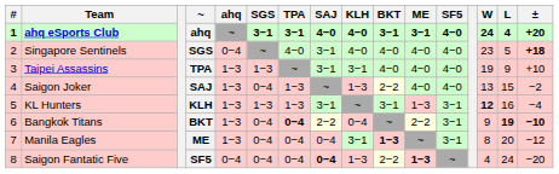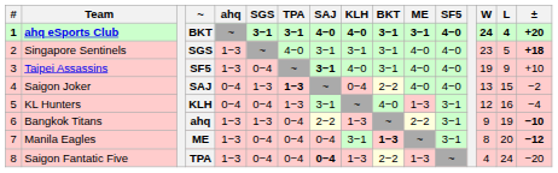 <table class="wikitable" style="font-size: 95%; text-align: center">
 <tr>
 <th width="15">#</th>
 <th style="width:200px;">Team</th>
 <th rowspan="10" style="width:5px;;"></th>
 <th>~</th>
 <th style="width:35px;" title="">ahq</th>
 <th style="width:35px;" title="">SGS</th>
 <th style="width:35px;" title="">TPA</th>
 <th style="width:35px;" title="">SAJ</th>
 <th style="width:35px;" title="">KLH</th>
 <th style="width:35px;" title="">BKT</th>
 <th style="width:35px;" title="">ME</th>
 <th style="width:35px;" title="">SF5</th>
 <th rowspan="10" style="width:5px;;"></th>
 <th style="width:20px;" title="Wins">W</th>
 <th style="width:20px;" title="Losses">L</th>
 <th style="width:40px;">±</th>
 </tr>
 <tr style="background:#cfc;">
 <td><strong>1</strong></td>
 <td style="text-align: left"> <strong><a href='#'>ahq eSports Club</a></strong></td>
-<th>ahq</th>
+<th>BKT</th>
 <td style="background-color:#aaaaaa">~</td>
 <td style="background-color:#ccffcc"><strong>3−1</strong></td>
 <td style="background-color:#ccffcc"><strong>3−1</strong></td>
 <td style="background-color:#ccffcc"><strong>4−0</strong></td>
 <td style="background-color:#ccffcc"><strong>4−0</strong></td>
 <td style="background-color:#ccffcc"><strong>3−1</strong></td>
 <td style="background-color:#ccffcc"><strong>3−1</strong></td>
 <td style="background-color:#ccffcc"><strong>4−0</strong></td>
 <td><strong>24</strong></td>
 <td><strong>4</strong></td>
 <td><strong>+20</strong></td>
 </tr>
 <tr style="background-color:#ffcccc">
 <td>2</td>
 <td style="text-align: left">  ⁠Singapore Sentinels</td>
 <th>SGS</th>
-<td style="background-color:#ffcccc">0−4</td>
+<td style="background-color:#ffcccc">1−3</td>
 <td style="background-color:#aaaaaa">~</td>
 <td style="background-color:#ccffcc">4−0</td>
 <td style="background-color:#ccffcc">3−1</td>
-<td style="background-color:#ccffcc">4−0</td>
-<td style="background-color:#ccffcc">4−0</td>
+<td style="background-color:#ccffcc">3−1</td>
+<td style="background-color:#ccffcc">3−1</td>
 <td style="background-color:#ccffcc">4−0</td>
 <td style="background-color:#ccffcc">4−0</td>
 <td>23</td>
 <td>5</td>
 <td><strong>+18</strong></td>
 </tr>
 <tr style="background-color:#ffcccc">
 <td>3</td>
 <td style="text-align: left"> <a href='#'>Taipei Assassins</a></td>
-<th>TPA</th>
+<th>SF5</th>
 <td style="background-color:#ffcccc">1−3</td>
-<td style="background-color:#ffcccc">1−3</td>
+<td style="background-color:#ffcccc">0−4</td>
 <td style="background-color:#aaaaaa">~</td>
+<td style="background-color:#ccffcc"><strong>3−1</strong></td>
+<td style="background-color:#ccffcc">4−0</td>
 <td style="background-color:#ccffcc">3−1</td>
-<td style="background-color:#ccffcc">3−1</td>
-<td style="background-color:#ccffcc">4−0</td>
 <td style="background-color:#ccffcc">4−0</td>
 <td style="background-color:#ccffcc">4−0</td>
 <td>19</td>
 <td>9</td>
 <td>+10</td>
 </tr>
 <tr style="background-color:#ffcccc">
 <td>4</td>
 <td style="text-align: left"> Saigon Joker</td>
 <th>SAJ</th>
-<td style="background-color:#ffcccc">1−3</td>
 <td style="background-color:#ffcccc">0−4</td>
 <td style="background-color:#ffcccc">1−3</td>
+<td style="background-color:#ffcccc"><strong>1−3</strong></td>
 <td style="background-color:#aaaaaa">~</td>
-<td style="background-color:#ffcccc">1−3</td>
+<td style="background-color:#ffcccc">0−4</td>
 <td style="background-color:#ffd;">2−2</td>
 <td style="background-color:#ccffcc">4−0</td>
 <td style="background-color:#ccffcc">4−0</td>
 <td>13</td>
 <td>15</td>
 <td>−2</td>
 </tr>
 <tr style="background-color:#ffcccc">
 <td>5</td>
 <td style="text-align: left"> ⁠KL Hunters</td>
 <th>KLH</th>
-<td style="background-color:#ffcccc">1−3</td>
-<td style="background-color:#ffcccc">1−3</td>
+<td style="background-color:#ffcccc">0−4</td>
+<td style="background-color:#ffcccc">0−4</td>
 <td style="background-color:#ffcccc">1−3</td>
 <td style="background-color:#ccffcc">3−1</td>
 <td style="background-color:#aaaaaa">~</td>
-<td style="background-color:#ccffcc">3−1</td>
+<td style="background-color:#ccffcc">4−0</td>
 <td style="background-color:#ffcccc">1−3</td>
 <td style="background-color:#ccffcc">3−1</td>
-<td><strong>12</strong></td>
+<td>12</td>
 <td>16</td>
 <td>−4</td>
 </tr>
 <tr style="background-color:#ffcccc">
 <td>6</td>
 <td style="text-align: left"> ⁠Bangkok Titans</td>
-<th>BKT</th>
+<th>ahq</th>
+<td style="background-color:#ffcccc">1−3</td>
 <td style="background-color:#ffcccc">1−3</td>
 <td style="background-color:#ffcccc">0−4</td>
-<td style="background-color:#ffcccc"><strong>0−4</strong></td>
 <td style="background-color:#ffd;">2−2</td>
-<td style="background-color:#ffcccc">0−4</td>
+<td style="background-color:#ffcccc">1−3</td>
 <td style="background-color:#aaaaaa">~</td>
 <td style="background-color:#ffd;">2−2</td>
 <td style="background-color:#ccffcc">3−1</td>
 <td>9</td>
-<td><strong>19</strong></td>
+<td>19</td>
 <td><strong>−10</strong></td>
 </tr>
 <tr style="background-color:#ffcccc">
 <td>7</td>
 <td style="text-align: left"> Manila Eagles</td>
 <th>ME</th>
 <td style="background-color:#ffcccc">1−3</td>
 <td style="background-color:#ffcccc">0−4</td>
 <td style="background-color:#ffcccc">0−4</td>
 <td style="background-color:#ffcccc">0−4</td>
 <td style="background-color:#ccffcc">3−1</td>
 <td style="background-color:#ffcccc"><strong>1−3</strong></td>
 <td style="background-color:#aaaaaa">~</td>
 <td style="background-color:#ccffcc">3−1</td>
 <td>8</td>
 <td>20</td>
-<td>−12</td>
+<td><strong>−12</strong></td>
 </tr>
 <tr style="background-color:#ffcccc">
 <td>8</td>
 <td style="text-align: left"> Saigon Fantatic Five</td>
-<th>SF5</th>
-<td style="background-color:#ffcccc">0−4</td>
+<th>TPA</th>
+<td style="background-color:#ffcccc">1−3</td>
 <td style="background-color:#ffcccc">0−4</td>
 <td style="background-color:#ffcccc">0−4</td>
 <td style="background-color:#ffcccc"><strong>0−4</strong></td>
 <td style="background-color:#ffcccc">1−3</td>
 <td style="background-color:#ffd;">2−2</td>
-<td style="background-color:#ffcccc"><strong>1−3</strong></td>
+<td style="background-color:#ffcccc">1−3</td>
 <td style="background-color:#aaaaaa">~</td>
 <td>4</td>
 <td>24</td>
 <td>−20</td>
 </tr>
 </table>
